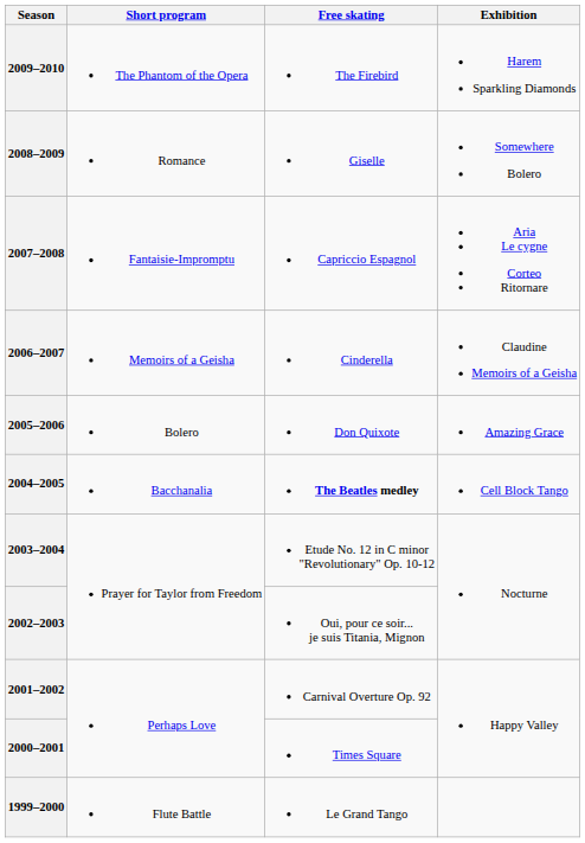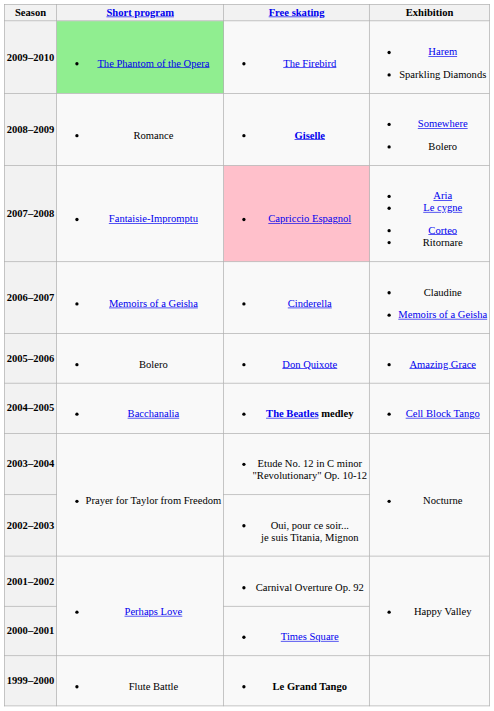 <table class="wikitable" style="text-align:center">
 <tr>
 <th>Season</th>
 <th><a href='#'>Short program</a></th>
 <th><a href='#'>Free skating</a></th>
 <th>Exhibition</th>
 </tr>
 <tr>
 <th>2009–2010 <br> </th>
-<td><br><ul><li><a href='#'>The Phantom of the Opera</a> <br></li></ul></td>
+<td style="background: lightgreen;"><br><ul><li><a href='#'>The Phantom of the Opera</a> <br></li></ul></td>
 <td><br><ul><li><a href='#'>The Firebird</a> <br></li></ul></td>
 <td><br><ul><li><a href='#'>Harem</a> <br></li></ul><ul><li>Sparkling Diamonds <br></li></ul></td>
 </tr>
 <tr>
 <th>2008–2009 <br> </th>
 <td><br><ul><li>Romance <br></li></ul></td>
-<td><br><ul><li><a href='#'>Giselle</a> <br></li></ul></td>
+<td><strong><br><ul><li><a href='#'>Giselle</a> <br></li></ul></strong></td>
 <td><br><ul><li><a href='#'>Somewhere</a> <br></li></ul><ul><li>Bolero <br></li></ul></td>
 </tr>
 <tr>
 <th>2007–2008 <br> </th>
 <td><br><ul><li><a href='#'>Fantaisie-Impromptu</a> <br></li></ul></td>
-<td><br><ul><li><a href='#'>Capriccio Espagnol</a> <br></li></ul></td>
+<td style="background: pink;"><br><ul><li><a href='#'>Capriccio Espagnol</a> <br></li></ul></td>
 <td><br><ul><li><a href='#'>Aria</a></li><li><a href='#'>Le cygne</a> <br></li></ul><ul><li><a href='#'>Corteo</a></li><li>Ritornare <br></li></ul></td>
 </tr>
 <tr>
 <th>2006–2007 <br> </th>
 <td><br><ul><li><a href='#'>Memoirs of a Geisha</a> <br></li></ul></td>
 <td><br><ul><li><a href='#'>Cinderella</a> <br></li></ul></td>
 <td><br><ul><li>Claudine <br></li></ul><ul><li><a href='#'>Memoirs of a Geisha</a> <br></li></ul></td>
 </tr>
 <tr>
 <th>2005–2006 <br> </th>
 <td><br><ul><li>Bolero <br></li></ul></td>
 <td><br><ul><li><a href='#'>Don Quixote</a> <br></li></ul></td>
 <td><br><ul><li><a href='#'>Amazing Grace</a> <br></li></ul></td>
 </tr>
 <tr>
 <th>2004–2005 <br> </th>
 <td><br><ul><li><a href='#'>Bacchanalia</a> <br></li></ul></td>
 <td><strong><br><ul><li><a href='#'>The Beatles</a> medley <br></li></ul></strong></td>
 <td><br><ul><li><a href='#'>Cell Block Tango</a> <br></li></ul></td>
 </tr>
 <tr>
 <th>2003–2004 <br> </th>
 <td rowspan=2><br><ul><li>Prayer for Taylor from Freedom <br></li></ul></td>
 <td><br><ul><li>Etude No. 12 in C minor <br> "Revolutionary" Op. 10-12 <br></li></ul></td>
 <td rowspan=2><br><ul><li>Nocturne <br></li></ul></td>
 </tr>
 <tr>
 <th>2002–2003 <br> </th>
 <td><br><ul><li>Oui, pour ce soir... <br>je suis Titania, Mignon <br></li></ul></td>
 </tr>
 <tr>
 <th>2001–2002 <br> </th>
 <td rowspan=2><br><ul><li><a href='#'>Perhaps Love</a> <br></li></ul></td>
 <td><br><ul><li>Carnival Overture Op. 92 <br></li></ul></td>
 <td rowspan=2><br><ul><li>Happy Valley <br></li></ul></td>
 </tr>
 <tr>
 <th>2000–2001 <br> </th>
 <td><br><ul><li><a href='#'>Times Square</a> <br></li></ul></td>
 </tr>
 <tr>
 <th>1999–2000 <br> </th>
 <td><br><ul><li>Flute Battle <br></li></ul></td>
-<td><br><ul><li>Le Grand Tango <br></li></ul></td>
+<td><strong><br><ul><li>Le Grand Tango <br></li></ul></strong></td>
 <td></td>
 </tr>
 </table>
